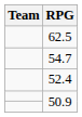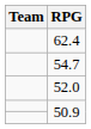 <table class=wikitable>
 <tr>
 <th>Team</th>
 <th>RPG</th>
 </tr>
 <tr>
 <td></td>
-<td align=center>62.5</td>
+<td align=center>62.4</td>
 </tr>
 <tr>
 <td></td>
 <td align=center>54.7</td>
 </tr>
 <tr>
 <td></td>
-<td align=center>52.4</td>
+<td align=center>52.0</td>
 </tr>
 <tr>
 <td></td>
 <td align=center rowspan=2>50.9</td>
 </tr>
 <tr>
 <td></td>
 </tr>
 </table>
